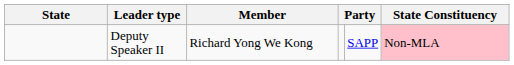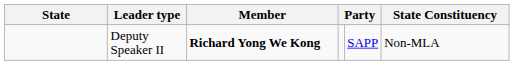 <table class ="wikitable sortable">
 <tr>
 <th style="width:120px;">State</th>
 <th style="width:90px;">Leader type</th>
 <th style="width:180px;">Member</th>
 <th style="width:40px;" colspan=2>Party</th>
 <th style="width:150px;">State Constituency</th>
 </tr>
 <tr>
 <td></td>
 <td>Deputy Speaker II</td>
-<td>Richard Yong We Kong</td>
+<td><strong>Richard Yong We Kong</strong></td>
 <td style="background:"></td>
 <td><a href='#'>SAPP</a></td>
-<td style="background: pink;">Non-MLA</td>
+<td>Non-MLA</td>
 </tr>
 </table>
